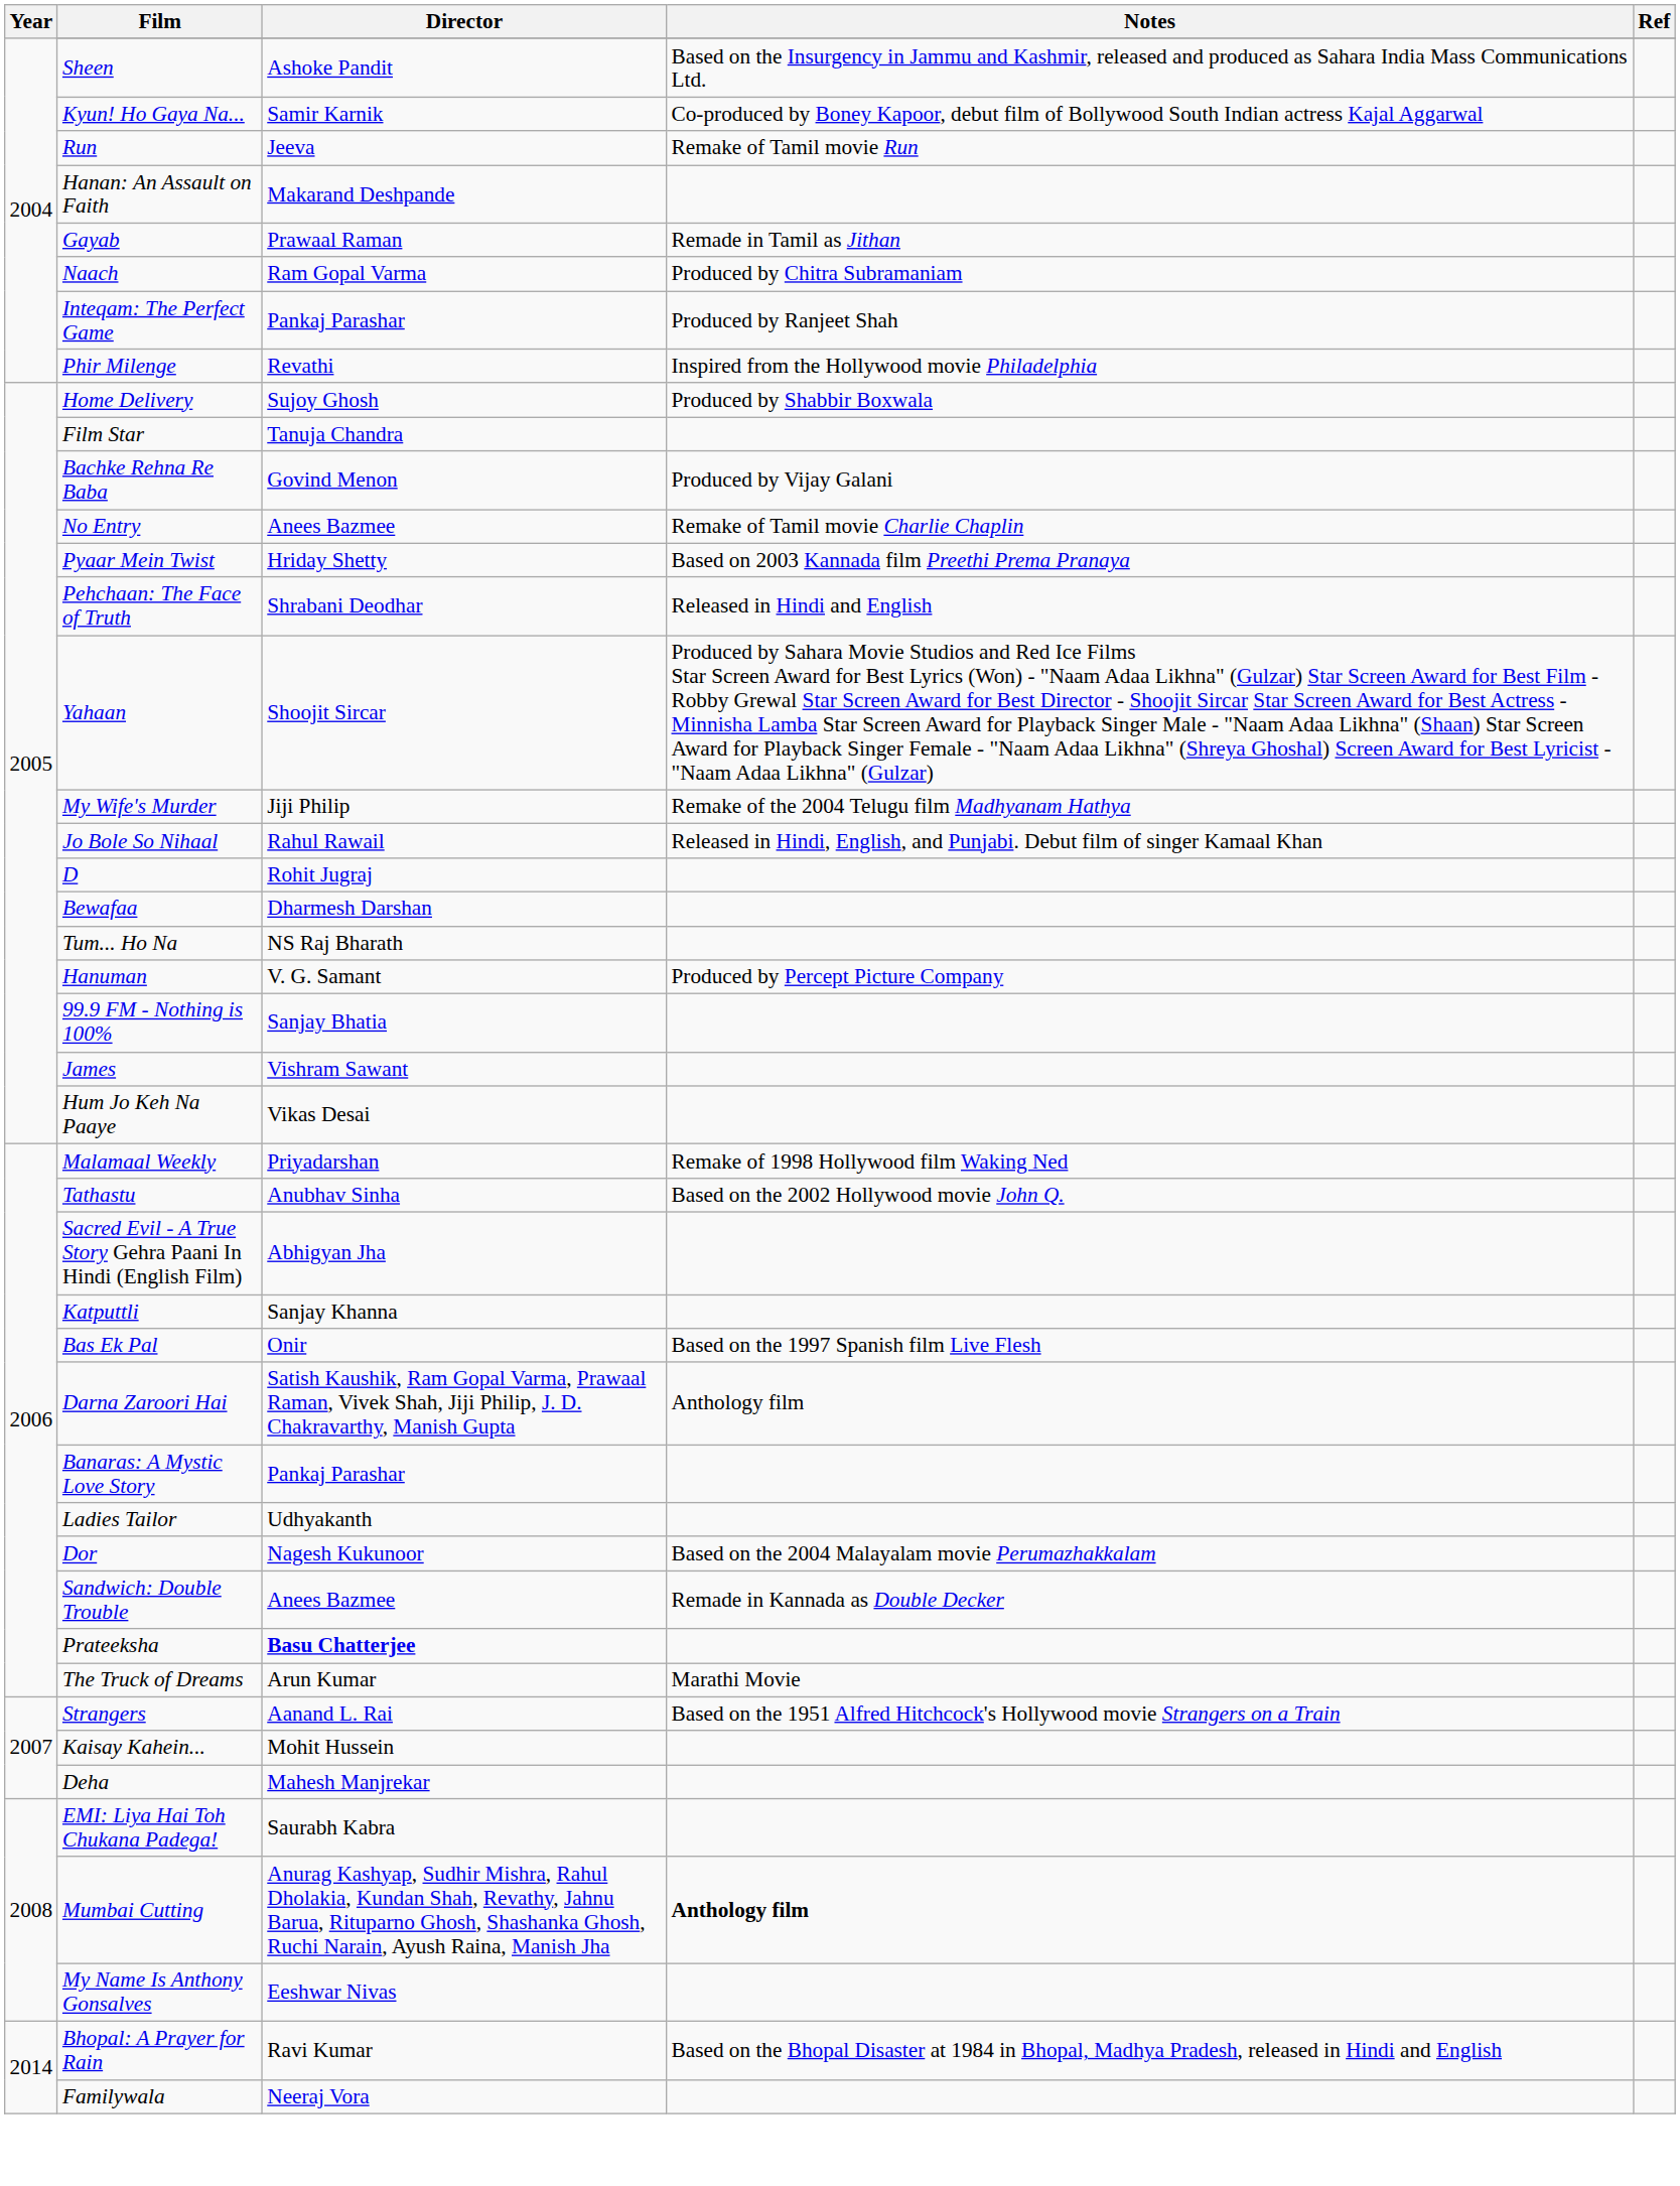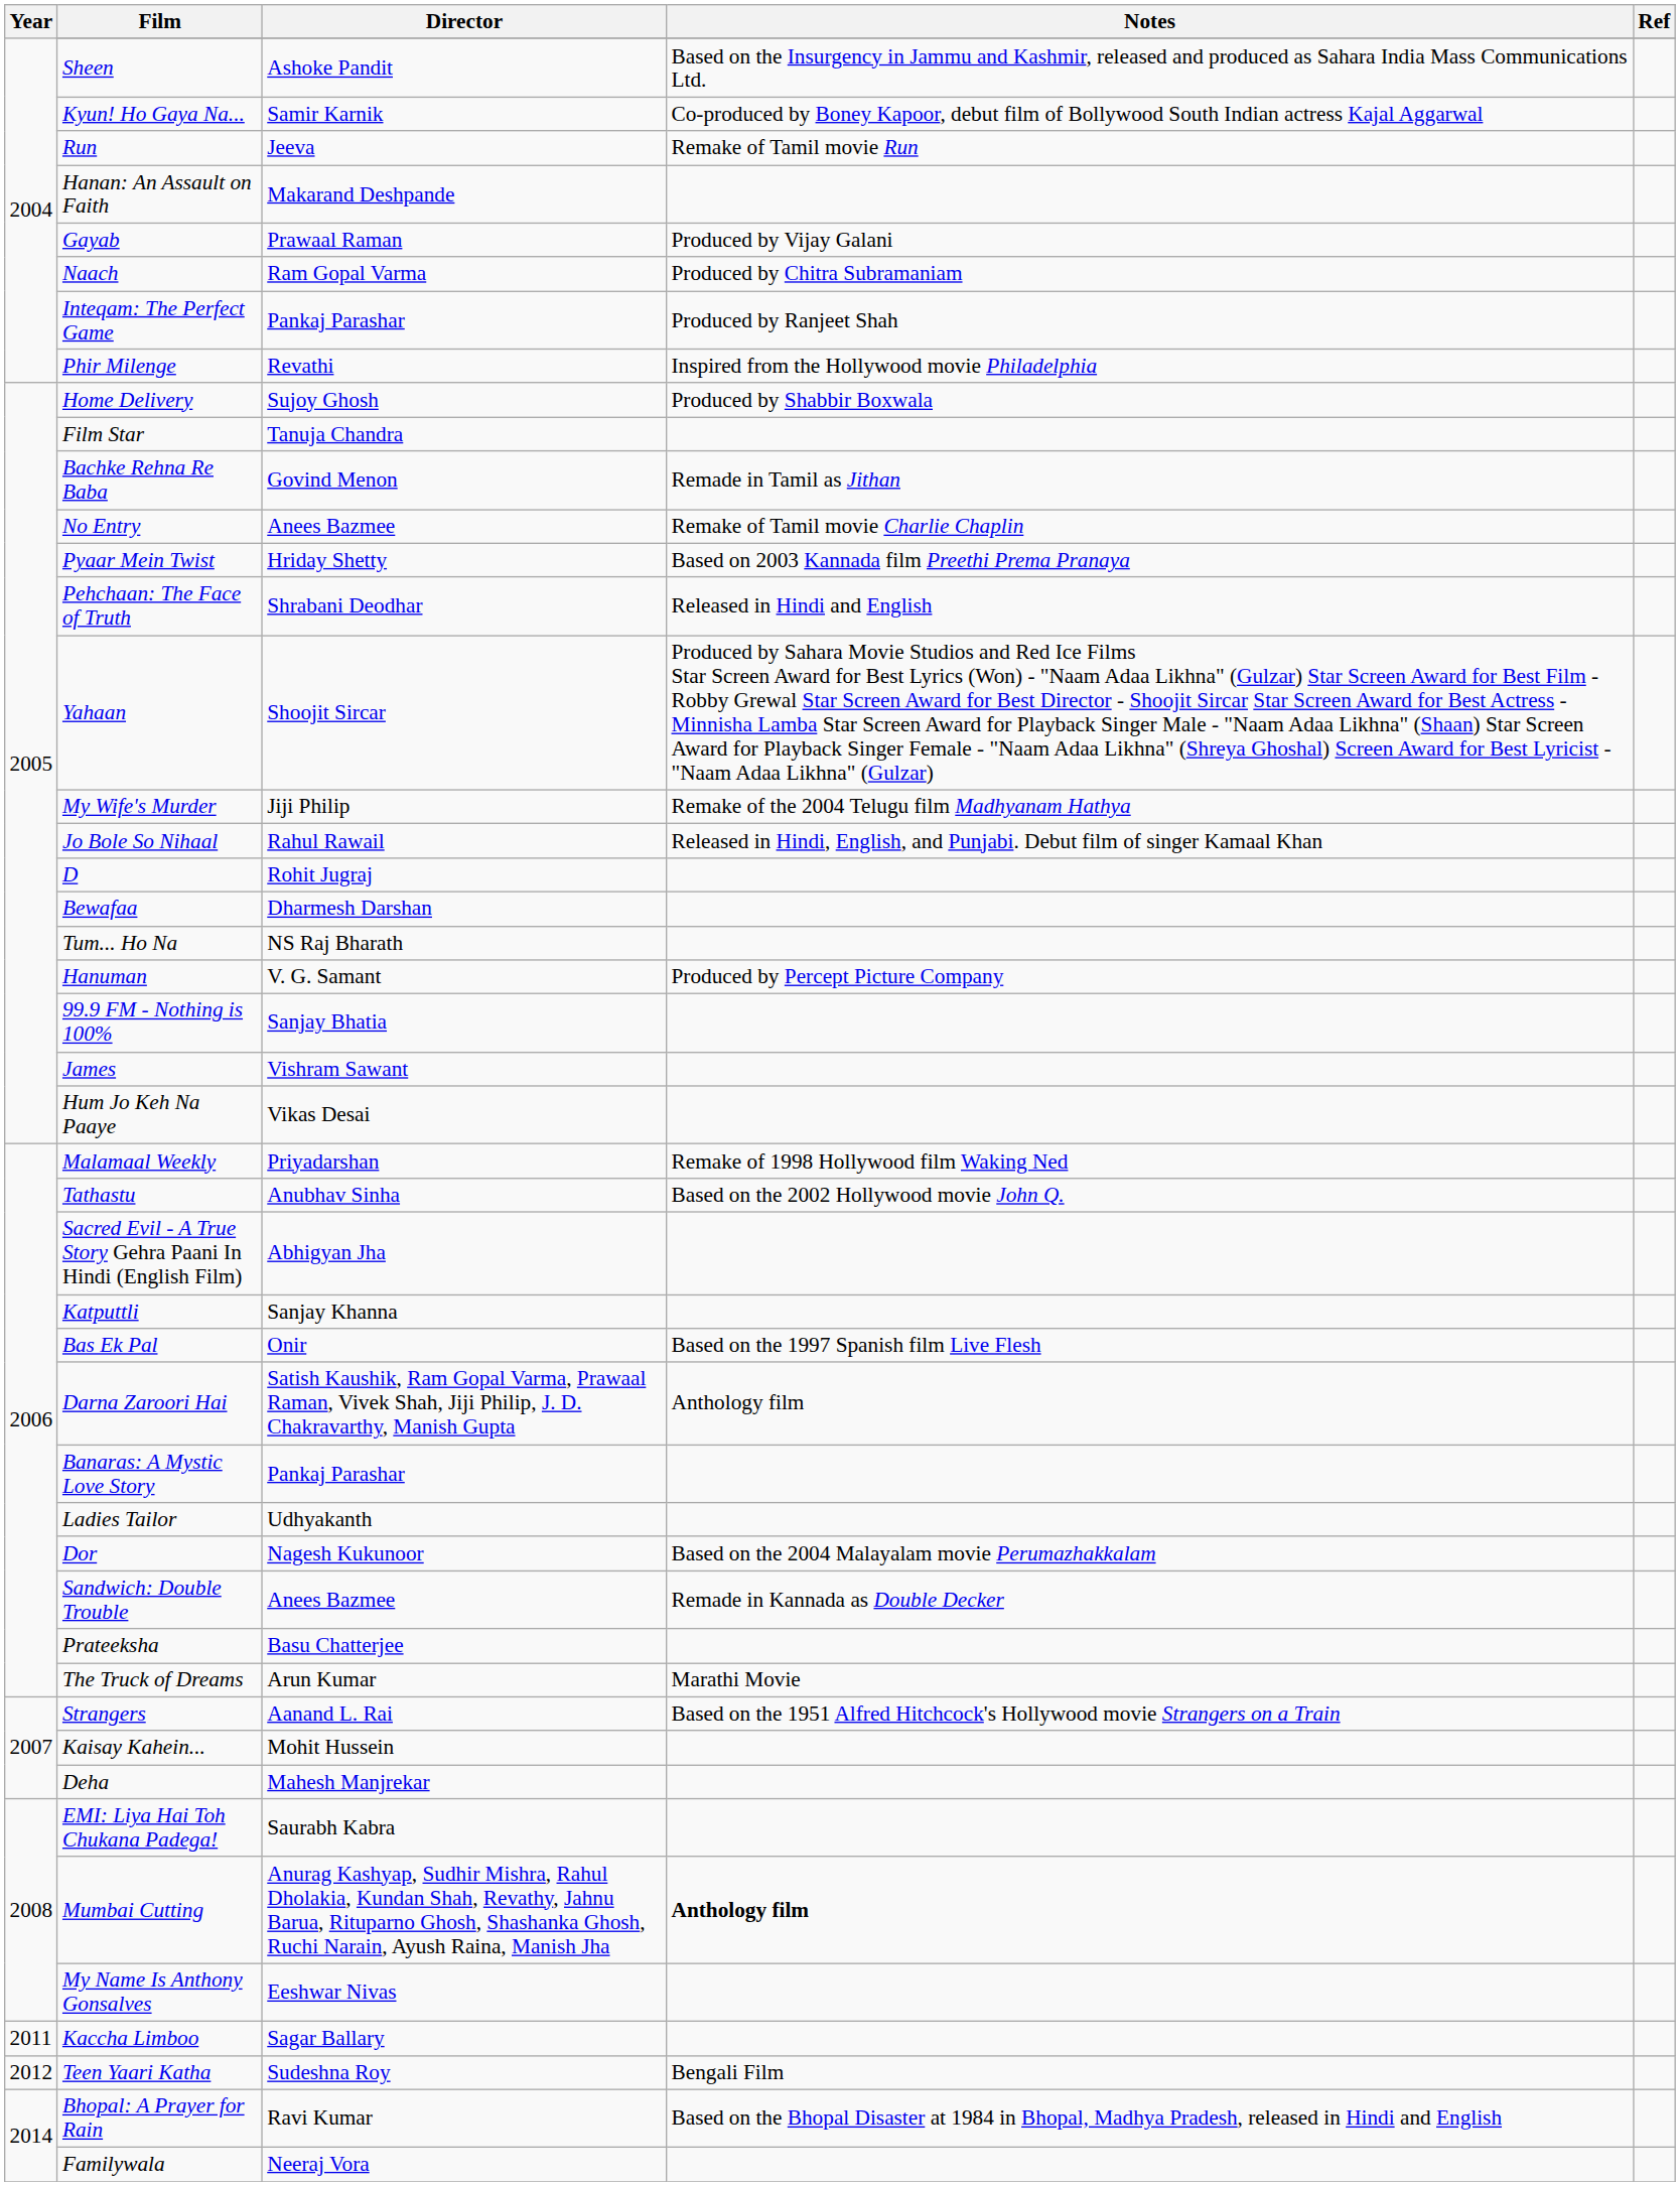 <table class="wikitable sortable">
 <tr>
 <th scope="col">Year</th>
 <th scope="col">Film</th>
 <th scope="col">Director</th>
 <th scope="col">Notes</th>
 <th scope="col">Ref</th>
 </tr>
 <tr>
 <td rowspan="9">2004</td>
 </tr>
 <tr>
 <td><em><a href='#'>Sheen</a></em></td>
 <td><a href='#'>Ashoke Pandit</a></td>
 <td>Based on the <a href='#'>Insurgency in Jammu and Kashmir</a>, released and produced as Sahara India Mass Communications Ltd.</td>
 <td></td>
 </tr>
 <tr>
 <td><em><a href='#'>Kyun! Ho Gaya Na...</a></em></td>
 <td><a href='#'>Samir Karnik</a></td>
 <td>Co-produced by <a href='#'>Boney Kapoor</a>, debut film of Bollywood South Indian actress <a href='#'>Kajal Aggarwal</a></td>
 <td></td>
 </tr>
 <tr>
 <td><em><a href='#'>Run</a></em></td>
 <td><a href='#'>Jeeva</a></td>
 <td>Remake of Tamil movie <em><a href='#'>Run</a></em></td>
 <td></td>
 </tr>
 <tr>
 <td><em>Hanan: An Assault on Faith</em></td>
 <td><a href='#'>Makarand Deshpande</a></td>
 <td></td>
 <td></td>
 </tr>
 <tr>
 <td><em><a href='#'>Gayab</a></em></td>
 <td><a href='#'>Prawaal Raman</a></td>
-<td>Remade in Tamil as <em><a href='#'>Jithan</a></em></td>
+<td>Produced by Vijay Galani</td>
 <td></td>
 </tr>
 <tr>
 <td><em><a href='#'>Naach</a></em></td>
 <td><a href='#'>Ram Gopal Varma</a></td>
 <td>Produced by <a href='#'>Chitra Subramaniam</a></td>
 <td></td>
 </tr>
 <tr>
 <td><em><a href='#'>Inteqam: The Perfect Game</a></em></td>
 <td><a href='#'>Pankaj Parashar</a></td>
 <td>Produced by Ranjeet Shah</td>
 <td></td>
 </tr>
 <tr>
 <td><em><a href='#'>Phir Milenge</a></em></td>
 <td><a href='#'>Revathi</a></td>
 <td>Inspired from the Hollywood movie <em><a href='#'>Philadelphia</a></em></td>
 <td></td>
 </tr>
 <tr>
 <td rowspan="16">2005</td>
 <td><em><a href='#'>Home Delivery</a></em></td>
 <td><a href='#'>Sujoy Ghosh</a></td>
 <td>Produced by <a href='#'>Shabbir Boxwala</a></td>
 <td></td>
 </tr>
 <tr>
 <td><em>Film Star</em></td>
 <td><a href='#'>Tanuja Chandra</a></td>
 <td></td>
 <td></td>
 </tr>
 <tr>
 <td><em><a href='#'>Bachke Rehna Re Baba</a></em></td>
 <td><a href='#'>Govind Menon</a></td>
-<td>Produced by Vijay Galani</td>
+<td>Remade in Tamil as <em><a href='#'>Jithan</a></em></td>
 <td></td>
 </tr>
 <tr>
 <td><em><a href='#'>No Entry</a></em></td>
 <td><a href='#'>Anees Bazmee</a></td>
 <td>Remake of Tamil movie <em><a href='#'>Charlie Chaplin</a></em></td>
 <td></td>
 </tr>
 <tr>
 <td><em><a href='#'>Pyaar Mein Twist</a></em></td>
 <td><a href='#'>Hriday Shetty</a></td>
 <td>Based on 2003 <a href='#'>Kannada</a> film <em><a href='#'>Preethi Prema Pranaya</a></em></td>
 <td></td>
 </tr>
 <tr>
 <td><em><a href='#'>Pehchaan: The Face of Truth</a></em></td>
 <td><a href='#'>Shrabani Deodhar</a></td>
 <td>Released in <a href='#'>Hindi</a> and <a href='#'>English</a></td>
 <td></td>
 </tr>
 <tr>
 <td><em><a href='#'>Yahaan</a></em></td>
 <td><a href='#'>Shoojit Sircar</a></td>
 <td>Produced by Sahara Movie Studios and Red Ice Films<br>Star Screen Award for Best Lyrics (Won) - "Naam Adaa Likhna" (<a href='#'>Gulzar</a>) <a href='#'>Star Screen Award for Best Film</a> - Robby Grewal <a href='#'>Star Screen Award for Best Director</a> - <a href='#'>Shoojit Sircar</a> <a href='#'>Star Screen Award for Best Actress</a> - <a href='#'>Minnisha Lamba</a> Star Screen Award for Playback Singer Male - "Naam Adaa Likhna" (<a href='#'>Shaan</a>) Star Screen Award for Playback Singer Female - "Naam Adaa Likhna" (<a href='#'>Shreya Ghoshal</a>) <a href='#'>Screen Award for Best Lyricist</a> - "Naam Adaa Likhna" (<a href='#'>Gulzar</a>)</td>
 <td></td>
 </tr>
 <tr>
 <td><em><a href='#'>My Wife's Murder</a></em></td>
 <td>Jiji Philip</td>
 <td>Remake of the 2004 Telugu film <em><a href='#'>Madhyanam Hathya</a></em></td>
 <td></td>
 </tr>
 <tr>
 <td><em><a href='#'>Jo Bole So Nihaal</a></em></td>
 <td><a href='#'>Rahul Rawail</a></td>
 <td>Released in <a href='#'>Hindi</a>, <a href='#'>English</a>, and <a href='#'>Punjabi</a>. Debut film of singer Kamaal Khan</td>
 <td></td>
 </tr>
 <tr>
 <td><em><a href='#'>D</a></em></td>
 <td><a href='#'>Rohit Jugraj</a></td>
 <td></td>
 <td></td>
 </tr>
 <tr>
 <td><em><a href='#'>Bewafaa</a></em></td>
 <td><a href='#'>Dharmesh Darshan</a></td>
 <td></td>
 <td></td>
 </tr>
 <tr>
 <td><em>Tum... Ho Na</em></td>
 <td>NS Raj Bharath</td>
 <td></td>
 <td></td>
 </tr>
 <tr>
 <td><em><a href='#'>Hanuman</a></em></td>
 <td>V. G. Samant</td>
 <td>Produced by <a href='#'>Percept Picture Company</a></td>
 <td></td>
 </tr>
 <tr>
 <td><em><a href='#'>99.9 FM - Nothing is 100%</a></em></td>
 <td><a href='#'>Sanjay Bhatia</a></td>
 <td></td>
 <td></td>
 </tr>
 <tr>
 <td><em><a href='#'>James</a></em></td>
 <td><a href='#'>Vishram Sawant</a></td>
 <td></td>
 <td></td>
 </tr>
 <tr>
 <td><em>Hum Jo Keh Na Paaye</em></td>
 <td>Vikas Desai</td>
 <td></td>
 <td></td>
 </tr>
 <tr>
 <td rowspan="12">2006</td>
 <td><em><a href='#'>Malamaal Weekly</a></em></td>
 <td><a href='#'>Priyadarshan</a></td>
 <td>Remake of 1998 Hollywood film <a href='#'>Waking Ned</a></td>
 <td></td>
 </tr>
 <tr>
 <td><em><a href='#'>Tathastu</a></em></td>
 <td><a href='#'>Anubhav Sinha</a></td>
 <td>Based on the 2002 Hollywood movie <em><a href='#'>John Q.</a></em></td>
 <td></td>
 </tr>
 <tr>
 <td><em><a href='#'>Sacred Evil - A True Story</a></em> Gehra Paani In Hindi (English Film)</td>
 <td><a href='#'>Abhigyan Jha</a></td>
 <td></td>
 <td></td>
 </tr>
 <tr>
 <td><em><a href='#'>Katputtli</a></em></td>
 <td>Sanjay Khanna</td>
 <td></td>
 <td></td>
 </tr>
 <tr>
 <td><em><a href='#'>Bas Ek Pal</a></em></td>
 <td><a href='#'>Onir</a></td>
 <td>Based on the 1997 Spanish film <a href='#'>Live Flesh</a></td>
 <td></td>
 </tr>
 <tr>
 <td><em><a href='#'>Darna Zaroori Hai</a></em></td>
 <td><a href='#'>Satish Kaushik</a>, <a href='#'>Ram Gopal Varma</a>, <a href='#'>Prawaal Raman</a>, Vivek Shah, Jiji Philip, <a href='#'>J. D. Chakravarthy</a>, <a href='#'>Manish Gupta</a></td>
 <td>Anthology film</td>
 <td></td>
 </tr>
 <tr>
 <td><em><a href='#'>Banaras: A Mystic Love Story</a></em></td>
 <td><a href='#'>Pankaj Parashar</a></td>
 <td></td>
 <td></td>
 </tr>
 <tr>
 <td><em>Ladies Tailor</em></td>
 <td>Udhyakanth</td>
 <td></td>
 <td></td>
 </tr>
 <tr>
 <td><em><a href='#'>Dor</a></em></td>
 <td><a href='#'>Nagesh Kukunoor</a></td>
 <td>Based on the 2004 Malayalam movie <em><a href='#'>Perumazhakkalam</a></em></td>
 <td></td>
 </tr>
 <tr>
 <td><em><a href='#'>Sandwich: Double Trouble</a></em></td>
 <td><a href='#'>Anees Bazmee</a></td>
 <td>Remade in Kannada as <em><a href='#'>Double Decker</a></em></td>
 <td></td>
 </tr>
 <tr>
 <td><em>Prateeksha</em></td>
-<td><strong><a href='#'>Basu Chatterjee</a></strong></td>
+<td><a href='#'>Basu Chatterjee</a></td>
 <td></td>
 <td></td>
 </tr>
 <tr>
 <td><em>The Truck of Dreams</em></td>
 <td>Arun Kumar</td>
 <td>Marathi Movie</td>
 <td></td>
 </tr>
 <tr>
 <td rowspan="3">2007</td>
 <td><em><a href='#'>Strangers</a></em></td>
 <td><a href='#'>Aanand L. Rai</a></td>
 <td>Based on the 1951 <a href='#'>Alfred Hitchcock</a>'s Hollywood movie <em><a href='#'>Strangers on a Train</a></em></td>
 <td></td>
 </tr>
 <tr>
 <td><em>Kaisay Kahein...</em></td>
 <td>Mohit Hussein</td>
 <td></td>
 <td></td>
 </tr>
 <tr>
 <td><em>Deha</em></td>
 <td><a href='#'>Mahesh Manjrekar</a></td>
 <td></td>
 <td></td>
 </tr>
 <tr>
 <td rowspan=3>2008</td>
 <td><em><a href='#'>EMI: Liya Hai Toh Chukana Padega!</a></em></td>
 <td>Saurabh Kabra</td>
 <td></td>
 <td></td>
 </tr>
 <tr>
 <td><em><a href='#'>Mumbai Cutting</a></em></td>
 <td><a href='#'>Anurag Kashyap</a>, <a href='#'>Sudhir Mishra</a>, <a href='#'>Rahul Dholakia</a>, <a href='#'>Kundan Shah</a>, <a href='#'>Revathy</a>, <a href='#'>Jahnu Barua</a>, <a href='#'>Rituparno Ghosh</a>, <a href='#'>Shashanka Ghosh</a>, <a href='#'>Ruchi Narain</a>, Ayush Raina, <a href='#'>Manish Jha</a></td>
 <td><strong>Anthology film</strong></td>
 <td></td>
 </tr>
 <tr>
 <td><em><a href='#'>My Name Is Anthony Gonsalves</a></em></td>
 <td><a href='#'>Eeshwar Nivas</a></td>
 <td></td>
 <td></td>
 </tr>
 <tr>
+<td rowspan="1">2011</td>
+<td><em><a href='#'>Kaccha Limboo</a></em></td>
+<td><a href='#'>Sagar Ballary</a></td>
+<td></td>
+<td></td>
+</tr>
+<tr>
+<td rowspan="1">2012</td>
+<td><em><a href='#'>Teen Yaari Katha</a></em></td>
+<td><a href='#'>Sudeshna Roy</a></td>
+<td>Bengali Film</td>
+<td></td>
+</tr>
+<tr>
 <td rowspan="2">2014</td>
 <td><em><a href='#'>Bhopal: A Prayer for Rain</a></em></td>
 <td>Ravi Kumar</td>
 <td>Based on the <a href='#'>Bhopal Disaster</a> at 1984 in <a href='#'>Bhopal, Madhya Pradesh</a>, released in <a href='#'>Hindi</a> and <a href='#'>English</a></td>
 <td></td>
 </tr>
 <tr>
 <td><em>Familywala</em></td>
 <td><a href='#'>Neeraj Vora</a></td>
 <td></td>
 <td></td>
 </tr>
 </table>
